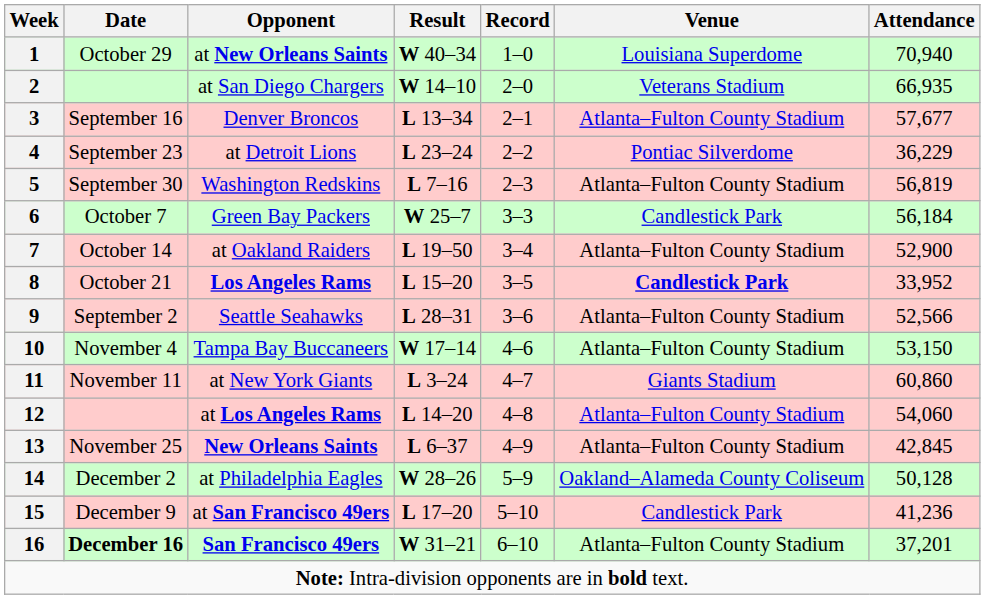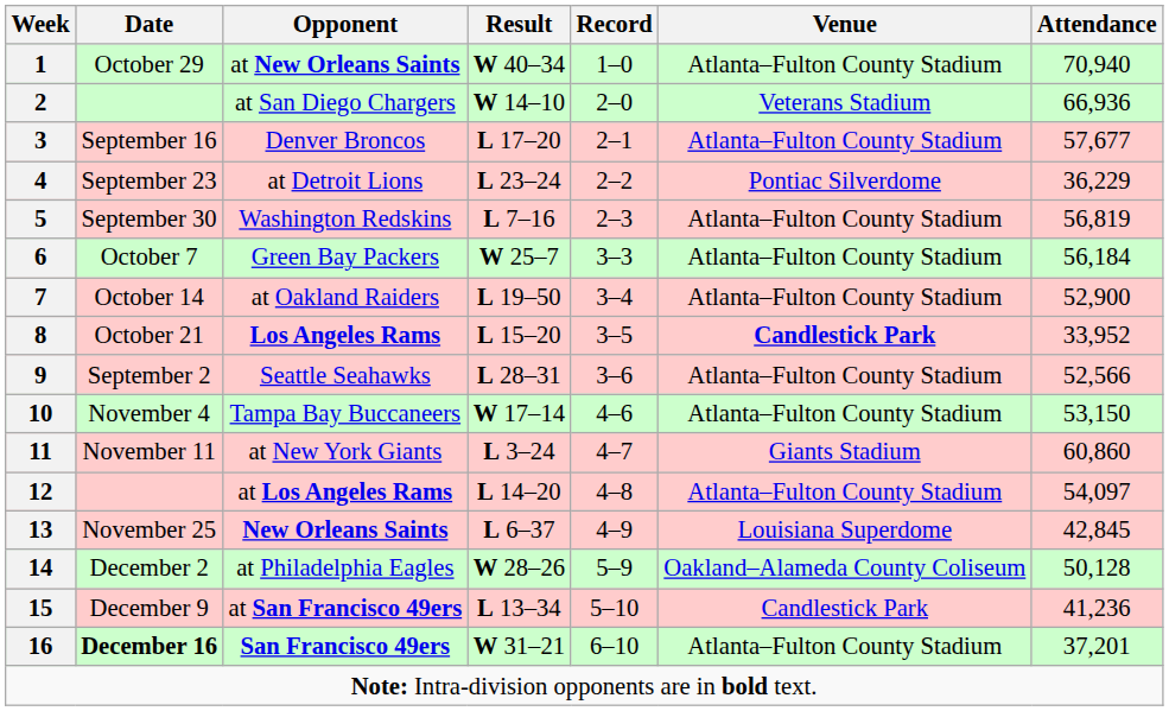 <table class="wikitable" style="text-align:center">
 <tr>
 <th>Week</th>
 <th>Date</th>
 <th>Opponent</th>
 <th>Result</th>
 <th>Record</th>
 <th>Venue</th>
 <th>Attendance</th>
 </tr>
 <tr style="background:#cfc">
 <th>1</th>
 <td>October 29</td>
 <td>at <strong><a href='#'>New Orleans Saints</a></strong></td>
 <td><strong>W</strong> 40–34</td>
 <td>1–0</td>
-<td><a href='#'>Louisiana Superdome</a></td>
+<td>Atlanta–Fulton County Stadium</td>
 <td>70,940</td>
 </tr>
 <tr style="background:#cfc">
 <th>2</th>
 <td></td>
 <td>at <a href='#'>San Diego Chargers</a></td>
 <td><strong>W</strong> 14–10</td>
 <td>2–0</td>
 <td><a href='#'>Veterans Stadium</a></td>
-<td>66,935</td>
+<td>66,936</td>
 </tr>
 <tr style="background:#fcc">
 <th>3</th>
 <td>September 16</td>
 <td><a href='#'>Denver Broncos</a></td>
-<td><strong>L</strong> 13–34</td>
+<td><strong>L</strong> 17–20</td>
 <td>2–1</td>
 <td><a href='#'>Atlanta–Fulton County Stadium</a></td>
 <td>57,677</td>
 </tr>
 <tr style="background:#fcc">
 <th>4</th>
 <td>September 23</td>
 <td>at <a href='#'>Detroit Lions</a></td>
 <td><strong>L</strong> 23–24</td>
 <td>2–2</td>
 <td><a href='#'>Pontiac Silverdome</a></td>
 <td>36,229</td>
 </tr>
 <tr style="background:#fcc">
 <th>5</th>
 <td>September 30</td>
 <td><a href='#'>Washington Redskins</a></td>
 <td><strong>L</strong> 7–16</td>
 <td>2–3</td>
 <td>Atlanta–Fulton County Stadium</td>
 <td>56,819</td>
 </tr>
 <tr style="background:#cfc">
 <th>6</th>
 <td>October 7</td>
 <td><a href='#'>Green Bay Packers</a></td>
 <td><strong>W</strong> 25–7</td>
 <td>3–3</td>
-<td><a href='#'>Candlestick Park</a></td>
+<td>Atlanta–Fulton County Stadium</td>
 <td>56,184</td>
 </tr>
 <tr style="background:#fcc">
 <th>7</th>
 <td>October 14</td>
 <td>at <a href='#'>Oakland Raiders</a></td>
 <td><strong>L</strong> 19–50</td>
 <td>3–4</td>
 <td>Atlanta–Fulton County Stadium</td>
 <td>52,900</td>
 </tr>
 <tr style="background:#fcc">
 <th>8</th>
 <td>October 21</td>
 <td><strong><a href='#'>Los Angeles Rams</a></strong></td>
 <td><strong>L</strong> 15–20</td>
 <td>3–5</td>
 <td><strong><a href='#'>Candlestick Park</a></strong></td>
 <td>33,952</td>
 </tr>
 <tr style="background:#fcc">
 <th>9</th>
 <td>September 2</td>
 <td><a href='#'>Seattle Seahawks</a></td>
 <td><strong>L</strong> 28–31</td>
 <td>3–6</td>
 <td>Atlanta–Fulton County Stadium</td>
 <td>52,566</td>
 </tr>
 <tr style="background:#cfc">
 <th>10</th>
 <td>November 4</td>
 <td><a href='#'>Tampa Bay Buccaneers</a></td>
 <td><strong>W</strong> 17–14</td>
 <td>4–6</td>
 <td>Atlanta–Fulton County Stadium</td>
 <td>53,150</td>
 </tr>
 <tr style="background:#fcc">
 <th>11</th>
 <td>November 11</td>
 <td>at <a href='#'>New York Giants</a></td>
 <td><strong>L</strong> 3–24</td>
 <td>4–7</td>
 <td><a href='#'>Giants Stadium</a></td>
 <td>60,860</td>
 </tr>
 <tr style="background:#fcc">
 <th>12</th>
 <td></td>
 <td>at <strong><a href='#'>Los Angeles Rams</a></strong></td>
 <td><strong>L</strong> 14–20</td>
 <td>4–8</td>
 <td><a href='#'>Atlanta–Fulton County Stadium</a></td>
-<td>54,060</td>
+<td>54,097</td>
 </tr>
 <tr style="background:#fcc">
 <th>13</th>
 <td>November 25</td>
 <td><strong><a href='#'>New Orleans Saints</a></strong></td>
 <td><strong>L</strong> 6–37</td>
 <td>4–9</td>
-<td>Atlanta–Fulton County Stadium</td>
+<td><a href='#'>Louisiana Superdome</a></td>
 <td>42,845</td>
 </tr>
 <tr style="background:#cfc">
 <th>14</th>
 <td>December 2</td>
 <td>at <a href='#'>Philadelphia Eagles</a></td>
 <td><strong>W</strong> 28–26</td>
 <td>5–9</td>
 <td><a href='#'>Oakland–Alameda County Coliseum</a></td>
 <td>50,128</td>
 </tr>
 <tr style="background:#fcc">
 <th>15</th>
 <td>December 9</td>
 <td>at <strong><a href='#'>San Francisco 49ers</a></strong></td>
-<td><strong>L</strong> 17–20</td>
+<td><strong>L</strong> 13–34</td>
 <td>5–10</td>
 <td><a href='#'>Candlestick Park</a></td>
 <td>41,236</td>
 </tr>
 <tr style="background:#cfc">
 <th>16</th>
 <td><strong>December 16</strong></td>
 <td><strong><a href='#'>San Francisco 49ers</a></strong></td>
 <td><strong>W</strong> 31–21</td>
 <td>6–10</td>
 <td>Atlanta–Fulton County Stadium</td>
 <td>37,201</td>
 </tr>
 <tr>
 <td colspan="8"><strong>Note:</strong> Intra-division opponents are in <strong>bold</strong> text.</td>
 </tr>
 </table>
